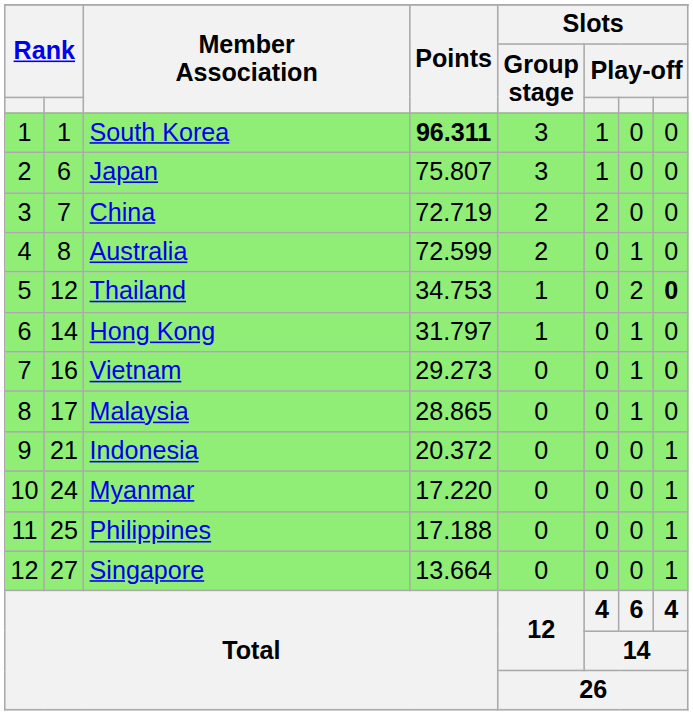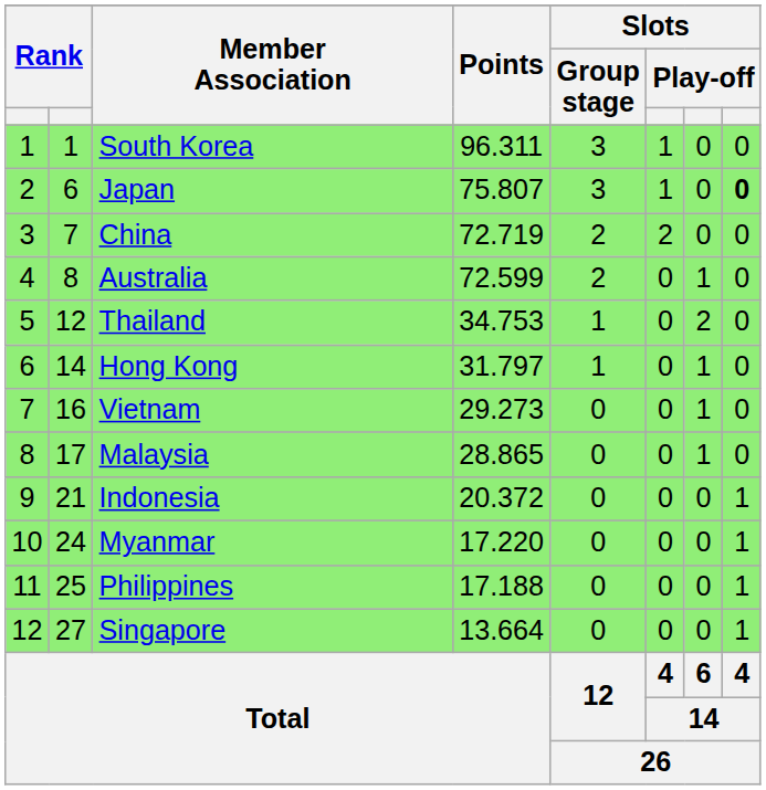 <table class="wikitable" style="text-align:center">
 <tr>
 </tr>
 <tr>
 <th colspan=2 rowspan=2><a href='#'>Rank</a></th>
 <th rowspan=3 width=200>Member<br>Association</th>
 <th rowspan=3>Points</th>
 <th colspan=4>Slots</th>
 </tr>
 <tr>
 <th rowspan=2>Group<br>stage</th>
 <th colspan=3>Play-off</th>
 </tr>
 <tr>
 <th></th>
 <th></th>
 <th></th>
 <th></th>
 <th></th>
 </tr>
 <tr bgcolor=#90ee77>
 <td>1</td>
 <td>1</td>
 <td align=left> <a href='#'>South Korea</a></td>
-<td><strong>96.311</strong></td>
+<td>96.311</td>
 <td>3</td>
 <td>1</td>
 <td>0</td>
 <td>0</td>
 </tr>
 <tr bgcolor=#90ee77>
 <td>2</td>
 <td>6</td>
 <td align=left> <a href='#'>Japan</a></td>
 <td>75.807</td>
 <td>3</td>
 <td>1</td>
 <td>0</td>
-<td>0</td>
+<td><strong>0</strong></td>
 </tr>
 <tr bgcolor=#90ee77>
 <td>3</td>
 <td>7</td>
 <td align=left> <a href='#'>China</a></td>
 <td>72.719</td>
 <td>2</td>
 <td>2</td>
 <td>0</td>
 <td>0</td>
 </tr>
 <tr bgcolor=#90ee77>
 <td>4</td>
 <td>8</td>
 <td align=left> <a href='#'>Australia</a></td>
 <td>72.599</td>
 <td>2</td>
 <td>0</td>
 <td>1</td>
 <td>0</td>
 </tr>
 <tr bgcolor=#90ee77>
 <td>5</td>
 <td>12</td>
 <td align=left> <a href='#'>Thailand</a></td>
 <td>34.753</td>
 <td>1</td>
 <td>0</td>
 <td>2</td>
-<td><strong>0</strong></td>
+<td>0</td>
 </tr>
 <tr bgcolor=#90ee77>
 <td>6</td>
 <td>14</td>
 <td align=left> <a href='#'>Hong Kong</a></td>
 <td>31.797</td>
 <td>1</td>
 <td>0</td>
 <td>1</td>
 <td>0</td>
 </tr>
 <tr bgcolor=#90ee77>
 <td>7</td>
 <td>16</td>
 <td align=left> <a href='#'>Vietnam</a></td>
 <td>29.273</td>
 <td>0</td>
 <td>0</td>
 <td>1</td>
 <td>0</td>
 </tr>
 <tr bgcolor=#90ee77>
 <td>8</td>
 <td>17</td>
 <td align=left> <a href='#'>Malaysia</a></td>
 <td>28.865</td>
 <td>0</td>
 <td>0</td>
 <td>1</td>
 <td>0</td>
 </tr>
 <tr bgcolor=#90ee77>
 <td>9</td>
 <td>21</td>
 <td align=left> <a href='#'>Indonesia</a></td>
 <td>20.372</td>
 <td>0</td>
 <td>0</td>
 <td>0</td>
 <td>1</td>
 </tr>
 <tr bgcolor=#90ee77>
 <td>10</td>
 <td>24</td>
 <td align=left> <a href='#'>Myanmar</a></td>
 <td>17.220</td>
 <td>0</td>
 <td>0</td>
 <td>0</td>
 <td>1</td>
 </tr>
 <tr bgcolor=#90ee77>
 <td>11</td>
 <td>25</td>
 <td align=left> <a href='#'>Philippines</a></td>
 <td>17.188</td>
 <td>0</td>
 <td>0</td>
 <td>0</td>
 <td>1</td>
 </tr>
 <tr bgcolor=#90ee77>
 <td>12</td>
 <td>27</td>
 <td align=left> <a href='#'>Singapore</a></td>
 <td>13.664</td>
 <td>0</td>
 <td>0</td>
 <td>0</td>
 <td>1</td>
 </tr>
 <tr>
 <th colspan=4 rowspan=3>Total</th>
 <th rowspan=2>12</th>
 <th>4</th>
 <th>6</th>
 <th>4</th>
 </tr>
 <tr>
 <th colspan=3>14</th>
 </tr>
 <tr>
 <th colspan=4>26</th>
 </tr>
 </table>
